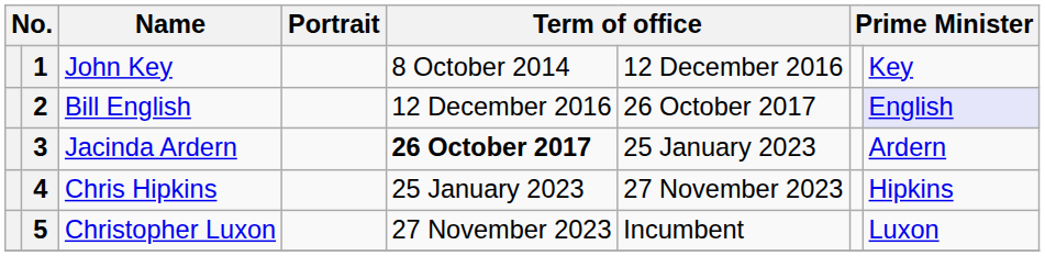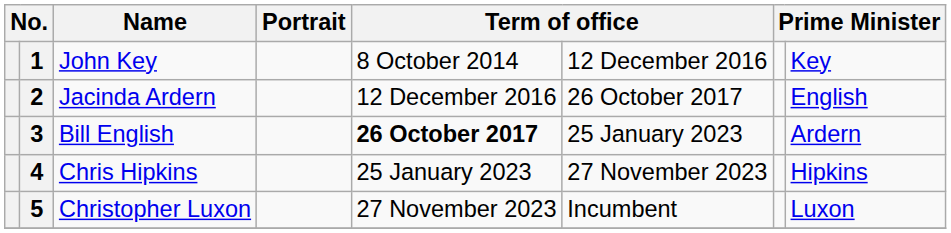 <table class="wikitable">
 <tr>
 <th colspan=2>No.</th>
 <th>Name</th>
 <th>Portrait</th>
 <th colspan=2>Term of office</th>
 <th colspan=2>Prime Minister</th>
 </tr>
 <tr>
 <th style="color:inherit;background:"></th>
 <th>1</th>
 <td><a href='#'>John Key</a></td>
 <td></td>
 <td>8 October 2014</td>
 <td>12 December 2016</td>
 <td width=1 style="color:inherit;background:"></td>
 <td><a href='#'>Key</a></td>
 </tr>
 <tr>
 <th style="color:inherit;background:"></th>
 <th>2</th>
-<td><a href='#'>Bill English</a></td>
+<td><a href='#'>Jacinda Ardern</a></td>
 <td></td>
 <td>12 December 2016</td>
 <td>26 October 2017</td>
 <td style="color:inherit;background:"></td>
-<td style="background: lavender;"><a href='#'>English</a></td>
+<td><a href='#'>English</a></td>
 </tr>
 <tr>
 <th style="color:inherit;background:"></th>
 <th>3</th>
-<td><a href='#'>Jacinda Ardern</a></td>
+<td><a href='#'>Bill English</a></td>
 <td></td>
 <td><strong>26 October 2017</strong></td>
 <td>25 January 2023</td>
 <td style="color:inherit;background:"></td>
 <td><a href='#'>Ardern</a></td>
 </tr>
 <tr>
 <th style="color:inherit;background:"></th>
 <th>4</th>
 <td><a href='#'>Chris Hipkins</a></td>
 <td></td>
 <td>25 January 2023</td>
 <td>27 November 2023</td>
 <td style="color:inherit;background:"></td>
 <td><a href='#'>Hipkins</a></td>
 </tr>
 <tr>
 <th style="color:inherit;background:"></th>
 <th>5</th>
 <td><a href='#'>Christopher Luxon</a></td>
 <td></td>
 <td>27 November 2023</td>
 <td>Incumbent</td>
 <td style="color:inherit;background:"></td>
 <td><a href='#'>Luxon</a></td>
 </tr>
 <tr>
 </tr>
 </table>
